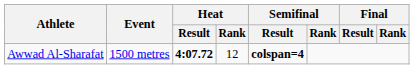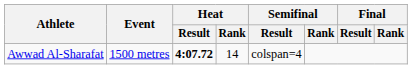 <table class="wikitable" style="font-size:90%">
 <tr>
 <th rowspan="2">Athlete</th>
 <th rowspan="2">Event</th>
 <th colspan="2">Heat</th>
 <th colspan="2">Semifinal</th>
 <th colspan="2">Final</th>
 </tr>
 <tr style="font-size:95%">
 <th>Result</th>
 <th>Rank</th>
 <th>Result</th>
 <th>Rank</th>
 <th>Result</th>
 <th>Rank</th>
 </tr>
 <tr style=text-align:center>
 <td style=text-align:left><a href='#'>Awwad Al-Sharafat</a></td>
 <td style=text-align:left><a href='#'>1500 metres</a></td>
 <td><strong>4:07.72</strong></td>
-<td>12</td>
-<td><strong>colspan=4 </strong></td>
+<td>14</td>
+<td>colspan=4 </td>
 </tr>
 </table>
